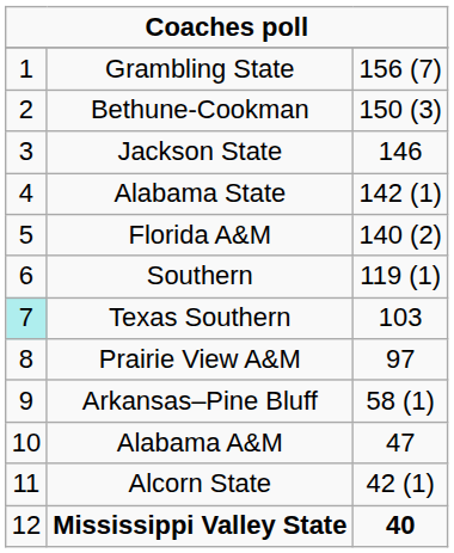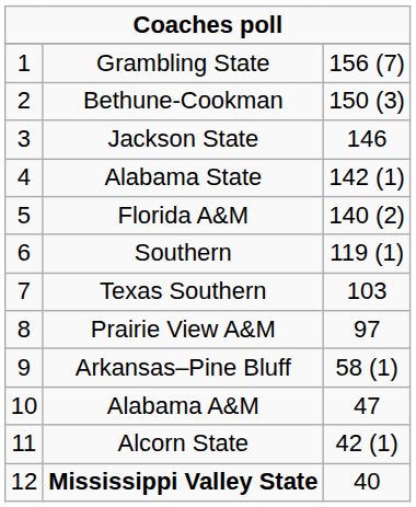 <table class="wikitable" style="display: inline-table;">
 <tr>
 <td align="center" Colspan="3"><strong>Coaches poll</strong></td>
 </tr>
 <tr align="center">
 </tr>
 <tr align="center">
 <td>1</td>
 <td>Grambling State</td>
 <td>156 (7)</td>
 </tr>
 <tr align="center">
 <td>2</td>
 <td>Bethune-Cookman</td>
 <td>150 (3)</td>
 </tr>
 <tr align="center">
 <td>3</td>
 <td>Jackson State</td>
 <td>146</td>
 </tr>
 <tr align="center">
 <td>4</td>
 <td>Alabama State</td>
 <td>142 (1)</td>
 </tr>
 <tr align="center">
 <td>5</td>
 <td>Florida A&M</td>
 <td>140 (2)</td>
 </tr>
 <tr align="center">
 <td>6</td>
 <td>Southern</td>
 <td>119 (1)</td>
 </tr>
 <tr align="center">
-<td style="background: paleturquoise;">7</td>
+<td>7</td>
 <td>Texas Southern</td>
 <td>103</td>
 </tr>
 <tr align="center">
 <td>8</td>
 <td>Prairie View A&M</td>
 <td>97</td>
 </tr>
 <tr align="center">
 <td>9</td>
 <td>Arkansas–Pine Bluff</td>
 <td>58 (1)</td>
 </tr>
 <tr align="center">
 <td>10</td>
 <td>Alabama A&M</td>
 <td>47</td>
 </tr>
 <tr align="center">
 <td>11</td>
 <td>Alcorn State</td>
 <td>42 (1)</td>
 </tr>
 <tr align="center">
 <td>12</td>
 <td><strong>Mississippi Valley State</strong></td>
-<td><strong>40</strong></td>
+<td>40</td>
 </tr>
 </table>
